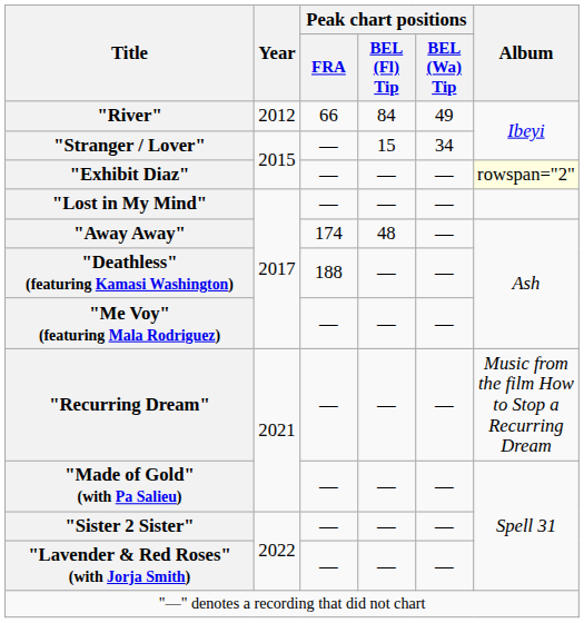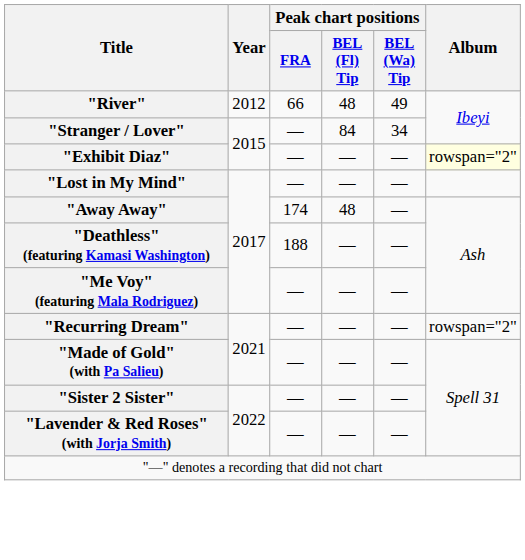 <table class="wikitable plainrowheaders" style="text-align:center;">
 <tr>
 <th scope="col" rowspan="2" style="width:13em;">Title</th>
 <th scope="col" rowspan="2">Year</th>
 <th scope="col" colspan="3">Peak chart positions</th>
 <th scope="col" rowspan="2">Album</th>
 </tr>
 <tr>
 <th scope="col" style="width:3em;font-size:90%;"><a href='#'>FRA</a><br></th>
 <th scope="col" style="width:3em;font-size:90%;"><a href='#'>BEL <br>(Fl)<br>Tip</a><br></th>
 <th scope="col" style="width:3em;font-size:90%;"><a href='#'>BEL <br>(Wa)<br>Tip</a><br></th>
 </tr>
 <tr>
 <th scope="row">"River"</th>
 <td>2012</td>
 <td>66</td>
-<td>84</td>
+<td>48</td>
 <td>49</td>
 <td rowspan="2"><em><a href='#'>Ibeyi</a></em></td>
 </tr>
 <tr>
 <th scope="row">"Stranger / Lover"</th>
 <td rowspan="2">2015</td>
 <td>—</td>
-<td>15</td>
+<td>84</td>
 <td>34</td>
 </tr>
 <tr>
 <th scope="row">"Exhibit Diaz"</th>
 <td>—</td>
 <td>—</td>
 <td>—</td>
 <td style="background: lightyellow;">rowspan="2" </td>
 </tr>
 <tr>
 <th scope="row">"Lost in My Mind"</th>
 <td rowspan="4">2017</td>
 <td>—</td>
 <td>—</td>
 <td>—</td>
 </tr>
 <tr>
 <th scope="row">"Away Away"</th>
 <td>174</td>
 <td>48</td>
 <td>—</td>
 <td rowspan="3"><em>Ash</em></td>
 </tr>
 <tr>
 <th scope="row">"Deathless"<br><small>(featuring <a href='#'>Kamasi Washington</a>)</small></th>
 <td>188</td>
 <td>—</td>
 <td>—</td>
 </tr>
 <tr>
 <th scope="row">"Me Voy"<br><small>(featuring <a href='#'>Mala Rodriguez</a>)</small></th>
 <td>—</td>
 <td>—</td>
 <td>—</td>
 </tr>
 <tr>
 <th scope="row">"Recurring Dream"</th>
 <td rowspan="2">2021</td>
 <td>—</td>
 <td>—</td>
 <td>—</td>
-<td style=max-width:4em><em>Music from the film How to Stop a Recurring Dream</em></td>
+<td>rowspan="2" </td>
 </tr>
 <tr>
 <th scope="row">"Made of Gold"<br><small>(with <a href='#'>Pa Salieu</a>)</small></th>
 <td>—</td>
 <td>—</td>
 <td>—</td>
 <td rowspan="3"><em>Spell 31</em></td>
 </tr>
 <tr>
 <th scope="row">"Sister 2 Sister"</th>
 <td rowspan="2">2022</td>
 <td>—</td>
 <td>—</td>
 <td>—</td>
 </tr>
 <tr>
 <th scope="row">"Lavender & Red Roses"<br><small>(with <a href='#'>Jorja Smith</a>)</small></th>
 <td>—</td>
 <td>—</td>
 <td>—</td>
 </tr>
 <tr>
 <td colspan="12" style="font-size:85%">"—" denotes a recording that did not chart</td>
 </tr>
 </table>
